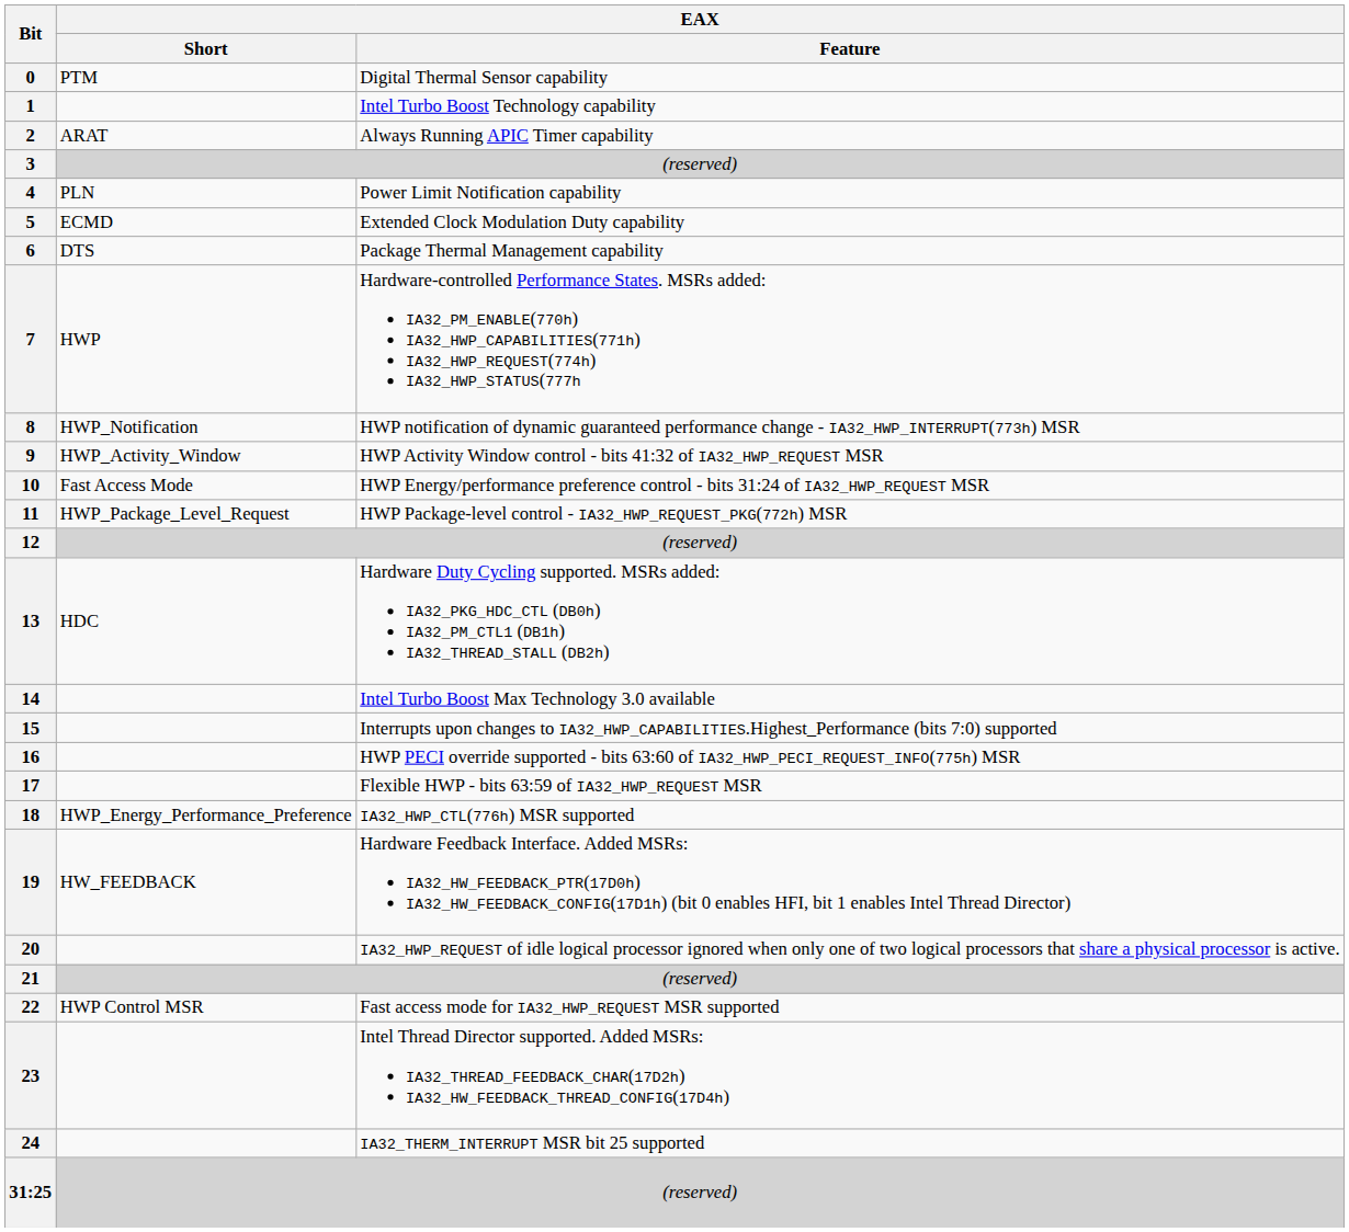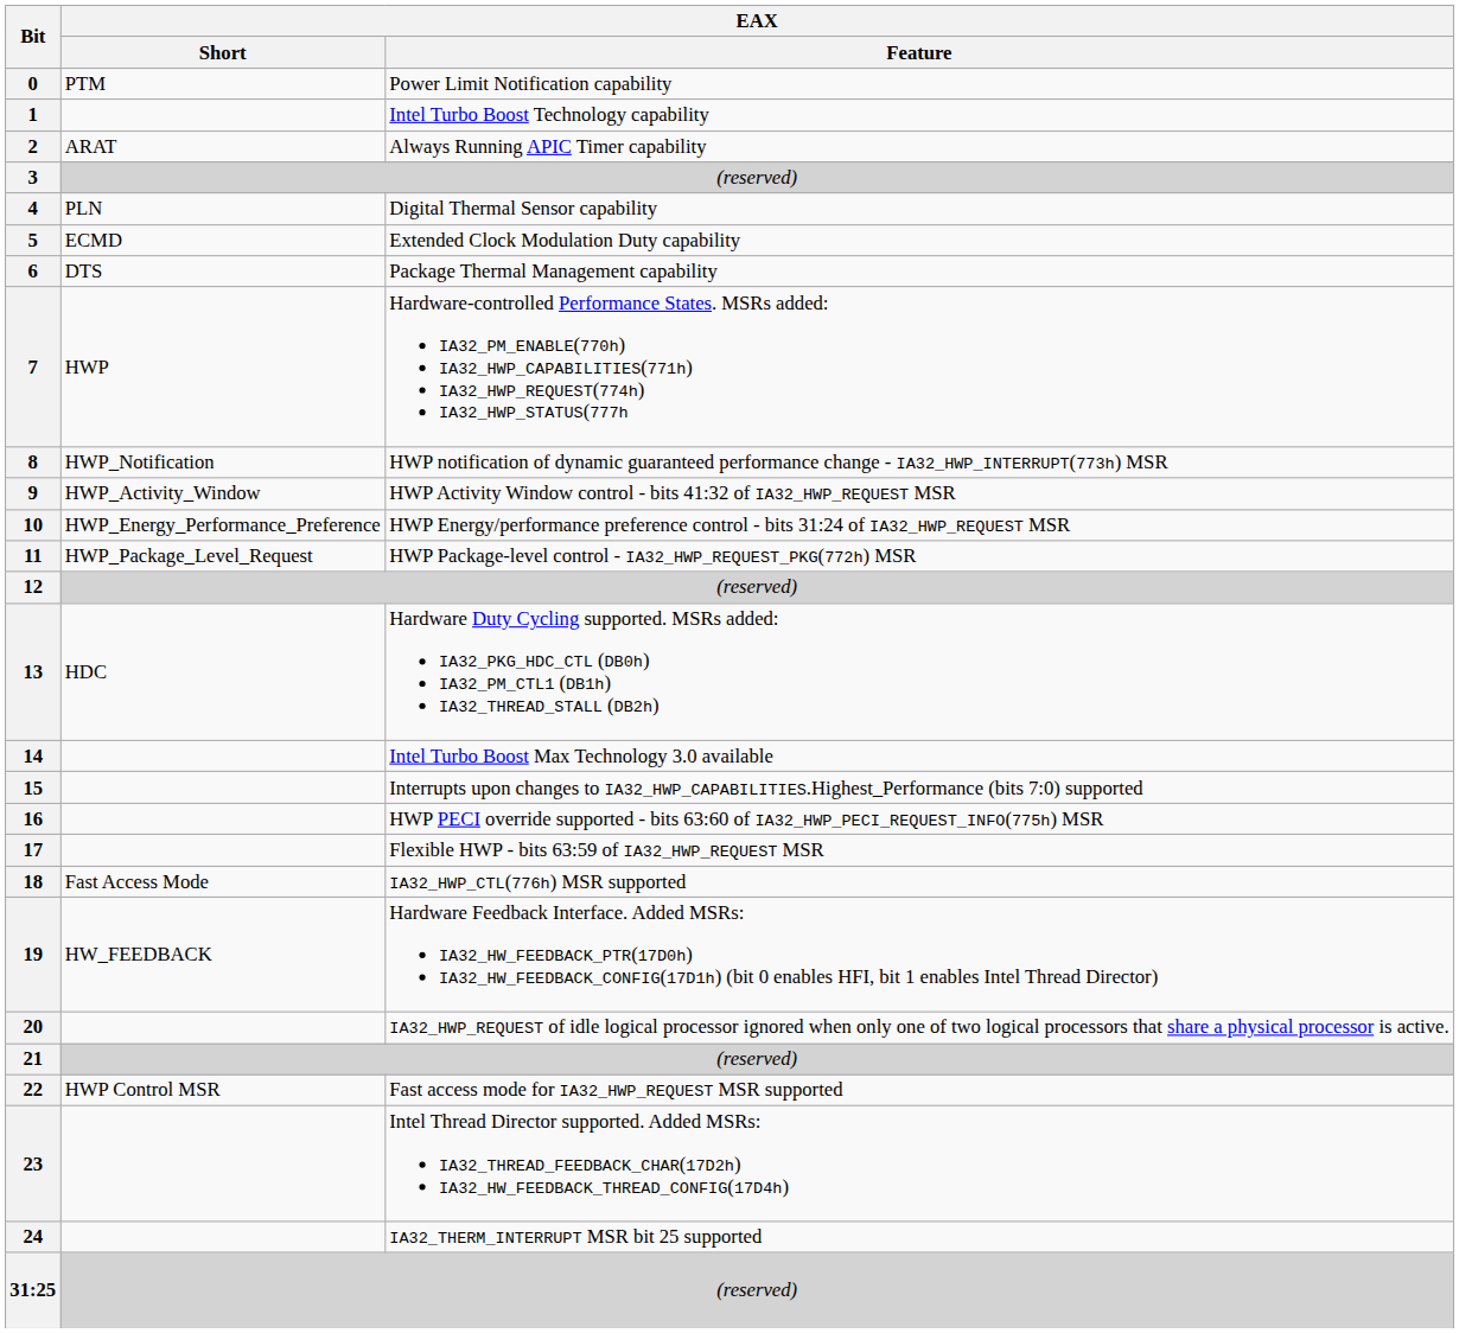 <table class="wikitable">
 <tr>
 <th rowspan="2">Bit</th>
 <th colspan="2">EAX</th>
 </tr>
 <tr>
 <th>Short</th>
 <th>Feature</th>
 </tr>
 <tr>
 <th>0</th>
 <td>PTM</td>
-<td>Digital Thermal Sensor capability</td>
+<td>Power Limit Notification capability</td>
 </tr>
 <tr>
 <th>1</th>
 <td></td>
 <td><a href='#'>Intel Turbo Boost</a> Technology capability</td>
 </tr>
 <tr>
 <th>2</th>
 <td>ARAT</td>
 <td>Always Running <a href='#'>APIC</a> Timer capability</td>
 </tr>
 <tr>
 <th>3</th>
 <td colspan="2" style="text-align:center; background:lightgrey;"><em>(reserved)</em></td>
 </tr>
 <tr>
 <th>4</th>
 <td>PLN</td>
-<td>Power Limit Notification capability</td>
+<td>Digital Thermal Sensor capability</td>
 </tr>
 <tr>
 <th>5</th>
 <td>ECMD</td>
 <td>Extended Clock Modulation Duty capability</td>
 </tr>
 <tr>
 <th>6</th>
 <td>DTS</td>
 <td>Package Thermal Management capability</td>
 </tr>
 <tr>
 <th>7</th>
 <td>HWP</td>
 <td>Hardware-controlled <a href='#'>Performance States</a>. MSRs added:<br><ul><li><code>IA32_PM_ENABLE</code>(<code>770h</code>)</li><li><code>IA32_HWP_CAPABILITIES</code>(<code>771h</code>)</li><li><code>IA32_HWP_REQUEST</code>(<code>774h</code>)</li><li><code>IA32_HWP_STATUS</code>(<code>777h</code></li></ul></td>
 </tr>
 <tr>
 <th>8</th>
 <td>HWP_Notification</td>
 <td>HWP notification of dynamic guaranteed performance change - <code>IA32_HWP_INTERRUPT</code>(<code>773h</code>) MSR</td>
 </tr>
 <tr>
 <th>9</th>
 <td>HWP_Activity_­Window</td>
 <td>HWP Activity Window control - bits 41:32 of <code>IA32_HWP_REQUEST</code> MSR</td>
 </tr>
 <tr>
 <th>10</th>
-<td>Fast Access Mode</td>
+<td>HWP_Energy_­Performance_­Preference</td>
 <td>HWP Energy/performance preference control - bits 31:24 of <code>IA32_HWP_REQUEST</code> MSR</td>
 </tr>
 <tr>
 <th>11</th>
 <td>HWP_Package_­Level_Request</td>
 <td>HWP Package-level control - <code>IA32_HWP_REQUEST_PKG</code>(<code>772h</code>) MSR</td>
 </tr>
 <tr>
 <th>12</th>
 <td colspan="2" style="text-align:center; background:lightgrey;"><em>(reserved)</em></td>
 </tr>
 <tr>
 <th>13</th>
 <td>HDC</td>
 <td>Hardware <a href='#'>Duty Cycling</a> supported. MSRs added:<br><ul><li><code>IA32_PKG_HDC_CTL</code> (<code>DB0h</code>)</li><li><code>IA32_PM_CTL1</code> (<code>DB1h</code>)</li><li><code>IA32_THREAD_STALL</code> (<code>DB2h</code>)</li></ul></td>
 </tr>
 <tr>
 <th>14</th>
 <td></td>
 <td><a href='#'>Intel Turbo Boost</a> Max Technology 3.0 available</td>
 </tr>
 <tr>
 <th>15</th>
 <td></td>
 <td>Interrupts upon changes to <code>IA32_HWP_CAPABILITIES</code>.Highest_Performance (bits 7:0) supported</td>
 </tr>
 <tr>
 <th>16</th>
 <td></td>
 <td>HWP <a href='#'>PECI</a> override supported - bits 63:60 of <code>IA32_HWP_PECI_REQUEST_INFO</code>(<code>775h</code>) MSR</td>
 </tr>
 <tr>
 <th>17</th>
 <td></td>
 <td>Flexible HWP - bits 63:59 of <code>IA32_HWP_REQUEST</code> MSR</td>
 </tr>
 <tr>
 <th>18</th>
-<td>HWP_Energy_­Performance_­Preference</td>
+<td>Fast Access Mode</td>
 <td><code>IA32_HWP_CTL</code>(<code>776h</code>) MSR supported</td>
 </tr>
 <tr>
 <th>19</th>
 <td>HW_FEEDBACK</td>
 <td>Hardware Feedback Interface. Added MSRs:<br><ul><li><code>IA32_HW_FEEDBACK_PTR</code>(<code>17D0h</code>)</li><li><code>IA32_HW_FEEDBACK_CONFIG</code>(<code>17D1h</code>) (bit 0 enables HFI, bit 1 enables Intel Thread Director)</li></ul></td>
 </tr>
 <tr>
 <th>20</th>
 <td></td>
 <td><code>IA32_HWP_REQUEST</code> of idle logical processor ignored when only one of two logical processors that <a href='#'>share a physical processor</a> is active.</td>
 </tr>
 <tr>
 <th>21</th>
 <td colspan="2" style="text-align:center; background:lightgrey;"><em>(reserved)</em></td>
 </tr>
 <tr>
 <th>22</th>
 <td>HWP Control MSR</td>
 <td>Fast access mode for <code>IA32_HWP_REQUEST</code> MSR supported</td>
 </tr>
 <tr>
 <th>23</th>
 <td></td>
 <td>Intel Thread Director supported. Added MSRs:<br><ul><li><code>IA32_THREAD_FEEDBACK_CHAR</code>(<code>17D2h</code>)</li><li><code>IA32_HW_FEEDBACK_THREAD_CONFIG</code>(<code>17D4h</code>)</li></ul></td>
 </tr>
 <tr>
 <th>24</th>
 <td></td>
 <td><code>IA32_THERM_INTERRUPT</code> MSR bit 25 supported</td>
 </tr>
 <tr>
 <th><br>31:25<br> </th>
 <td colspan="2" style="text-align:center; background:lightgrey;"><em>(reserved)</em></td>
 </tr>
 </table>
